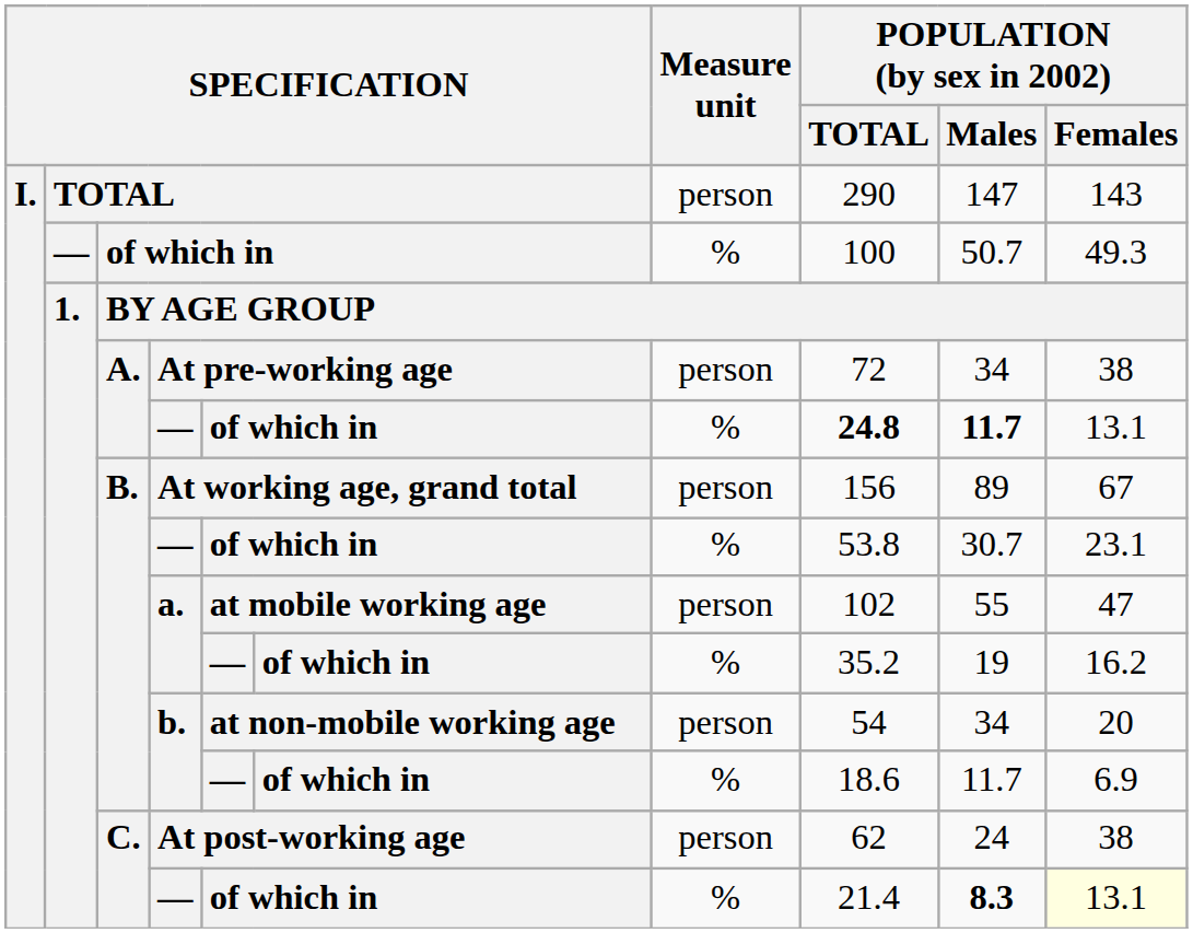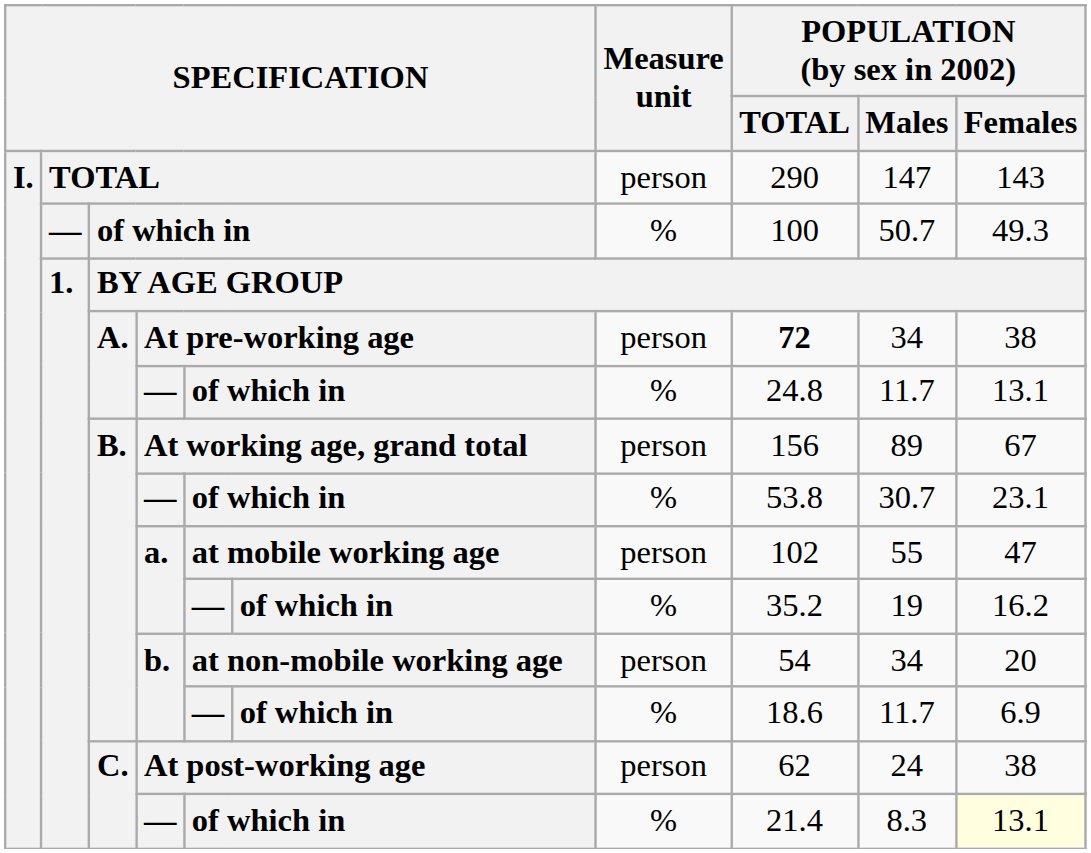 <table class="wikitable" style="font-size:85%; text-align:center">
 <tr>
 <th rowspan="2" colspan="6">SPECIFICATION</th>
 <th rowspan="2">Measure<br> unit</th>
 <th colspan="3" rowspan="1">POPULATION<br> (by sex in 2002)</th>
 </tr>
 <tr>
 <th>TOTAL</th>
 <th>Males</th>
 <th>Females</th>
 </tr>
 <tr>
 <th style="text-align:left" valign="top" rowspan="13">I.</th>
 <th style="text-align:left" colspan="5">TOTAL</th>
 <td>person</td>
 <td>290</td>
 <td>147</td>
 <td>143</td>
 </tr>
 <tr>
 <th style="text-align:left" valign="top">—</th>
 <th style="text-align:left" colspan="4">of which in</th>
 <td>%</td>
 <td>100</td>
 <td>50.7</td>
 <td>49.3</td>
 </tr>
 <tr>
 <th style="text-align:left" valign="top" rowspan="11">1.</th>
 <th style="text-align:left" colspan="19">BY AGE GROUP</th>
 </tr>
 <tr>
 <th style="text-align:left" valign="top" rowspan="2">A.</th>
 <th style="text-align:left" colspan="3">At pre-working age</th>
 <td>person</td>
-<td>72</td>
+<td><strong>72</strong></td>
 <td>34</td>
 <td>38</td>
 </tr>
 <tr>
 <th style="text-align:left" valign="top">—</th>
 <th style="text-align:left" valign="top" colspan="2">of which in</th>
 <td>%</td>
-<td><strong>24.8</strong></td>
-<td><strong>11.7</strong></td>
+<td>24.8</td>
+<td>11.7</td>
 <td>13.1</td>
 </tr>
 <tr>
 <th style="text-align:left" valign="top" rowspan="6">B.</th>
 <th style="text-align:left" colspan="3">At working age, grand total</th>
 <td>person</td>
 <td>156</td>
 <td>89</td>
 <td>67</td>
 </tr>
 <tr>
 <th style="text-align:left" valign="top">—</th>
 <th style="text-align:left" valign="top" colspan="2">of which in</th>
 <td>%</td>
 <td>53.8</td>
 <td>30.7</td>
 <td>23.1</td>
 </tr>
 <tr>
 <th style="text-align:left" valign="top" rowspan="2">a.</th>
 <th style="text-align:left" colspan="2">at mobile working age</th>
 <td>person</td>
 <td>102</td>
 <td>55</td>
 <td>47</td>
 </tr>
 <tr>
 <th style="text-align:left" valign="top">—</th>
 <th style="text-align:left" valign="top" colspan="1">of which in                        </th>
 <td>%</td>
 <td>35.2</td>
 <td>19</td>
 <td>16.2</td>
 </tr>
 <tr>
 <th style="text-align:left" valign="top" rowspan="2">b.</th>
 <th style="text-align:left" colspan="2">at non-mobile working age</th>
 <td>person</td>
 <td>54</td>
 <td>34</td>
 <td>20</td>
 </tr>
 <tr>
 <th style="text-align:left" valign="top">—</th>
 <th style="text-align:left" valign="top" colspan="1">of which in                        </th>
 <td>%</td>
 <td>18.6</td>
 <td>11.7</td>
 <td>6.9</td>
 </tr>
 <tr>
 <th style="text-align:left" valign="top" rowspan="2">C.</th>
 <th style="text-align:left" colspan="3">At post-working age</th>
 <td>person</td>
 <td>62</td>
 <td>24</td>
 <td>38</td>
 </tr>
 <tr>
 <th style="text-align:left" valign="top">—</th>
 <th style="text-align:left" valign="top" colspan="2">of which in</th>
 <td>%</td>
 <td>21.4</td>
-<td><strong>8.3</strong></td>
+<td>8.3</td>
 <td style="background: lightyellow;">13.1</td>
 </tr>
 </table>
